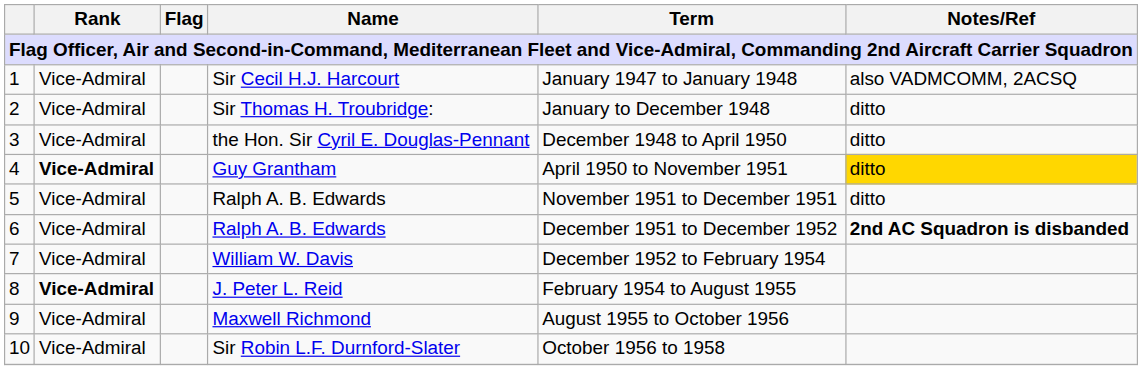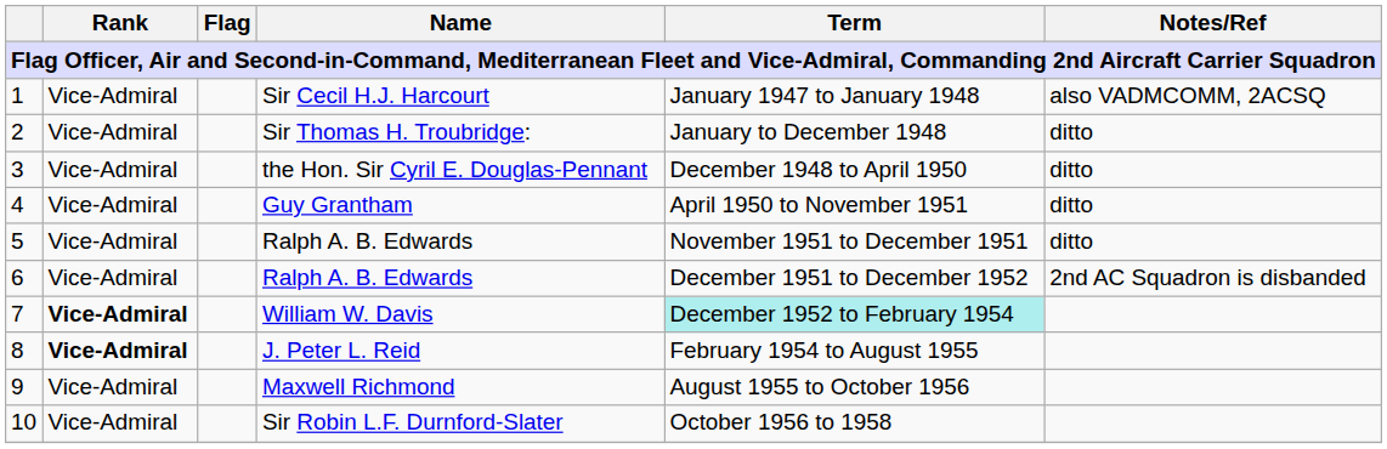 <table class="wikitable">
 <tr>
 <th></th>
 <th>Rank</th>
 <th>Flag</th>
 <th>Name</th>
 <th>Term</th>
 <th>Notes/Ref</th>
 </tr>
 <tr>
 <td colspan="6" align="center" style="background:#dcdcfe;"><strong>Flag Officer, Air and Second-in-Command, Mediterranean Fleet and Vice-Admiral, Commanding 2nd Aircraft Carrier Squadron</strong></td>
 </tr>
 <tr>
 <td>1</td>
 <td>Vice-Admiral</td>
 <td></td>
 <td>Sir <a href='#'>Cecil H.J. Harcourt</a></td>
 <td>January 1947 to January 1948</td>
 <td>also VADMCOMM, 2ACSQ </td>
 </tr>
 <tr>
 <td>2</td>
 <td>Vice-Admiral</td>
 <td></td>
 <td>Sir <a href='#'>Thomas H. Troubridge</a>:</td>
 <td>January to December 1948</td>
 <td>ditto</td>
 </tr>
 <tr>
 <td>3</td>
 <td>Vice-Admiral</td>
 <td></td>
 <td>the Hon. Sir <a href='#'>Cyril E. Douglas-Pennant</a></td>
 <td>December 1948 to April 1950</td>
 <td>ditto</td>
 </tr>
 <tr>
 <td>4</td>
-<td><strong>Vice-Admiral</strong></td>
+<td>Vice-Admiral</td>
 <td></td>
 <td><a href='#'>Guy Grantham</a></td>
 <td>April 1950 to November 1951</td>
-<td style="background: gold;">ditto</td>
+<td>ditto</td>
 </tr>
 <tr>
 <td>5</td>
 <td>Vice-Admiral</td>
 <td></td>
 <td>Ralph A. B. Edwards</td>
 <td>November 1951 to December 1951</td>
 <td>ditto</td>
 </tr>
 <tr>
 <td>6</td>
 <td>Vice-Admiral</td>
 <td></td>
 <td><a href='#'>Ralph A. B. Edwards</a></td>
 <td>December 1951 to December 1952</td>
-<td><strong>2nd AC Squadron is disbanded </strong></td>
+<td>2nd AC Squadron is disbanded </td>
 </tr>
 <tr>
 <td>7</td>
-<td>Vice-Admiral</td>
+<td><strong>Vice-Admiral</strong></td>
 <td></td>
 <td><a href='#'>William W. Davis</a></td>
-<td>December 1952 to February 1954</td>
+<td style="background: paleturquoise;">December 1952 to February 1954</td>
 <td></td>
 </tr>
 <tr>
 <td>8</td>
 <td><strong>Vice-Admiral</strong></td>
 <td></td>
 <td><a href='#'>J. Peter L. Reid</a></td>
 <td>February 1954 to August 1955</td>
 <td></td>
 </tr>
 <tr>
 <td>9</td>
 <td>Vice-Admiral</td>
 <td></td>
 <td><a href='#'>Maxwell Richmond</a></td>
 <td>August 1955 to October 1956</td>
 <td></td>
 </tr>
 <tr>
 <td>10</td>
 <td>Vice-Admiral</td>
 <td></td>
 <td>Sir <a href='#'>Robin L.F. Durnford-Slater</a></td>
 <td>October 1956 to 1958</td>
 <td></td>
 </tr>
 <tr>
 </tr>
 </table>
